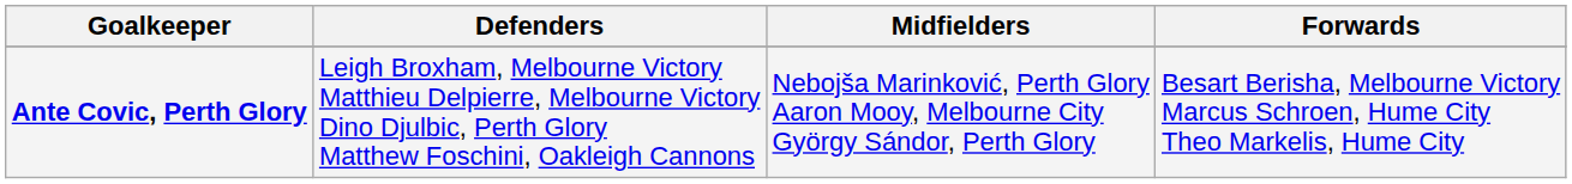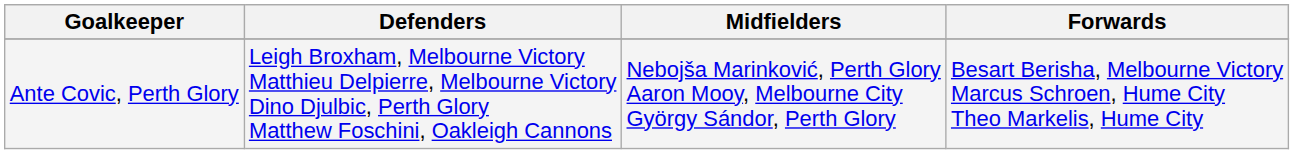 <table class="wikitable">
 <tr style="background:#cccccc;">
 <th>Goalkeeper</th>
 <th>Defenders</th>
 <th>Midfielders</th>
 <th>Forwards</th>
 </tr>
 <tr>
 </tr>
 <tr style="background:#f4f4f4;">
-<td><strong> <a href='#'>Ante Covic</a>, <a href='#'>Perth Glory</a></strong></td>
+<td> <a href='#'>Ante Covic</a>, <a href='#'>Perth Glory</a></td>
 <td> <a href='#'>Leigh Broxham</a>, <a href='#'>Melbourne Victory</a><br> <a href='#'>Matthieu Delpierre</a>, <a href='#'>Melbourne Victory</a><br> <a href='#'>Dino Djulbic</a>, <a href='#'>Perth Glory</a><br> <a href='#'>Matthew Foschini</a>, <a href='#'>Oakleigh Cannons</a></td>
 <td> <a href='#'>Nebojša Marinković</a>, <a href='#'>Perth Glory</a><br> <a href='#'>Aaron Mooy</a>, <a href='#'>Melbourne City</a><br> <a href='#'>György Sándor</a>, <a href='#'>Perth Glory</a></td>
 <td> <a href='#'>Besart Berisha</a>, <a href='#'>Melbourne Victory</a><br> <a href='#'>Marcus Schroen</a>, <a href='#'>Hume City</a><br> <a href='#'>Theo Markelis</a>, <a href='#'>Hume City</a></td>
 </tr>
 </table>
